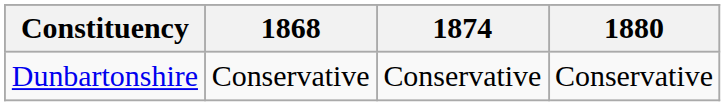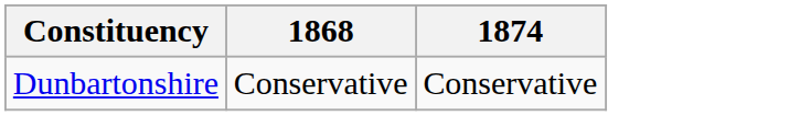 <table class="wikitable">
 <tr>
 <th>Constituency</th>
 <th>1868</th>
 <th>1874</th>
-<th>1880</th>
 </tr>
 <tr>
 <td><a href='#'>Dunbartonshire</a></td>
 <td>Conservative</td>
 <td>Conservative</td>
-<td>Conservative</td>
 </tr>
 </table>
